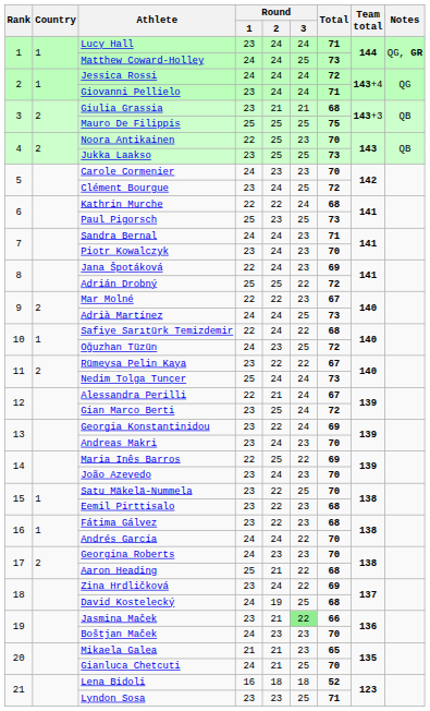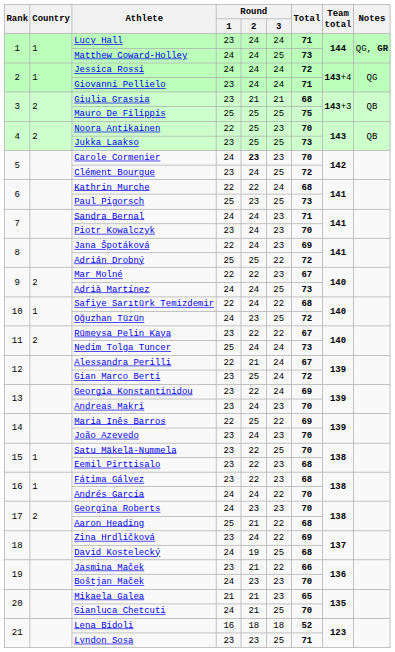 <table class="wikitable sortable" style="text-align:center">
 <tr>
 <th rowspan=2>Rank</th>
 <th rowspan=2>Country</th>
 <th rowspan=2>Athlete</th>
 <th colspan=3>Round</th>
 <th rowspan=2>Total</th>
 <th rowspan=2>Team<br>total</th>
 <th rowspan=2 class="unsortable">Notes</th>
 </tr>
 <tr>
 <th width=30px>1</th>
 <th width=30px>2</th>
 <th width=30px>3</th>
 </tr>
 <tr bgcolor=bbffbb>
 <td rowspan=2>1</td>
 <td rowspan=2 align=left> 1</td>
 <td align=left><a href='#'>Lucy Hall</a></td>
 <td>23</td>
 <td>24</td>
 <td>24</td>
 <td><strong>71</strong></td>
 <td rowspan=2><strong>144</strong></td>
 <td rowspan=2>QG, <strong>GR</strong></td>
 </tr>
 <tr bgcolor=bbffbb>
 <td align=left><a href='#'>Matthew Coward-Holley</a></td>
 <td>24</td>
 <td>24</td>
 <td>25</td>
 <td><strong>73</strong></td>
 </tr>
 <tr bgcolor=bbffbb>
 <td rowspan=2>2</td>
 <td rowspan=2 align=left> 1</td>
 <td align=left><a href='#'>Jessica Rossi</a></td>
 <td>24</td>
 <td>24</td>
 <td>24</td>
 <td><strong>72</strong></td>
 <td rowspan=2><strong>143</strong>+4</td>
 <td rowspan=2>QG</td>
 </tr>
 <tr bgcolor=bbffbb>
 <td align=left><a href='#'>Giovanni Pellielo</a></td>
 <td>23</td>
 <td>24</td>
 <td>24</td>
 <td><strong>71</strong></td>
 </tr>
 <tr bgcolor=ccffcc>
 <td rowspan=2>3</td>
 <td rowspan=2 align=left> 2</td>
 <td align=left><a href='#'>Giulia Grassia</a></td>
 <td>23</td>
 <td>21</td>
 <td>21</td>
 <td><strong>68</strong></td>
 <td rowspan=2><strong>143</strong>+3</td>
 <td rowspan=2>QB</td>
 </tr>
 <tr bgcolor=ccffcc>
 <td align=left><a href='#'>Mauro De Filippis</a></td>
 <td>25</td>
 <td>25</td>
 <td>25</td>
 <td><strong>75</strong></td>
 </tr>
 <tr bgcolor=ccffcc>
 <td rowspan=2>4</td>
 <td rowspan=2 align=left> 2</td>
 <td align=left><a href='#'>Noora Antikainen</a></td>
 <td>22</td>
 <td>25</td>
 <td>23</td>
 <td><strong>70</strong></td>
 <td rowspan=2><strong>143</strong></td>
 <td rowspan=2>QB</td>
 </tr>
 <tr bgcolor=ccffcc>
 <td align=left><a href='#'>Jukka Laakso</a></td>
 <td>23</td>
 <td>25</td>
 <td>25</td>
 <td><strong>73</strong></td>
 </tr>
 <tr>
 <td rowspan=2>5</td>
 <td rowspan=2 align=left></td>
 <td align=left><a href='#'>Carole Cormenier</a></td>
 <td>24</td>
-<td>23</td>
+<td><strong>23</strong></td>
 <td>23</td>
 <td><strong>70</strong></td>
 <td rowspan=2><strong>142</strong></td>
 <td rowspan=2></td>
 </tr>
 <tr>
 <td align=left><a href='#'>Clément Bourgue</a></td>
 <td>23</td>
 <td>24</td>
 <td>25</td>
 <td><strong>72</strong></td>
 </tr>
 <tr>
 <td rowspan=2>6</td>
 <td rowspan=2 align=left></td>
 <td align=left><a href='#'>Kathrin Murche</a></td>
 <td>22</td>
 <td>22</td>
 <td>24</td>
 <td><strong>68</strong></td>
 <td rowspan=2><strong>141</strong></td>
 <td rowspan=2></td>
 </tr>
 <tr>
 <td align=left><a href='#'>Paul Pigorsch</a></td>
 <td>25</td>
 <td>23</td>
 <td>25</td>
 <td><strong>73</strong></td>
 </tr>
 <tr>
 <td rowspan=2>7</td>
 <td rowspan=2 align=left></td>
 <td align=left><a href='#'>Sandra Bernal</a></td>
 <td>24</td>
 <td>24</td>
 <td>23</td>
 <td><strong>71</strong></td>
 <td rowspan=2><strong>141</strong></td>
 <td rowspan=2></td>
 </tr>
 <tr>
 <td align=left><a href='#'>Piotr Kowalczyk</a></td>
 <td>23</td>
 <td>24</td>
 <td>23</td>
 <td><strong>70</strong></td>
 </tr>
 <tr>
 <td rowspan=2>8</td>
 <td rowspan=2 align=left></td>
 <td align=left><a href='#'>Jana Špotáková</a></td>
 <td>22</td>
 <td>24</td>
 <td>23</td>
 <td><strong>69</strong></td>
 <td rowspan=2><strong>141</strong></td>
 <td rowspan=2></td>
 </tr>
 <tr>
 <td align=left><a href='#'>Adrián Drobný</a></td>
 <td>25</td>
 <td>25</td>
 <td>22</td>
 <td><strong>72</strong></td>
 </tr>
 <tr>
 <td rowspan=2>9</td>
 <td rowspan=2 align=left> 2</td>
 <td align=left><a href='#'>Mar Molné</a></td>
 <td>22</td>
 <td>22</td>
 <td>23</td>
 <td><strong>67</strong></td>
 <td rowspan=2><strong>140</strong></td>
 <td rowspan=2></td>
 </tr>
 <tr>
 <td align=left><a href='#'>Adrià Martínez</a></td>
 <td>24</td>
 <td>24</td>
 <td>25</td>
 <td><strong>73</strong></td>
 </tr>
 <tr>
 <td rowspan=2>10</td>
 <td rowspan=2 align=left> 1</td>
 <td align=left><a href='#'>Safiye Sarıtürk Temizdemir</a></td>
 <td>22</td>
 <td>24</td>
 <td>22</td>
 <td><strong>68</strong></td>
 <td rowspan=2><strong>140</strong></td>
 <td rowspan=2></td>
 </tr>
 <tr>
 <td align=left><a href='#'>Oğuzhan Tüzün</a></td>
 <td>24</td>
 <td>23</td>
 <td>25</td>
 <td><strong>72</strong></td>
 </tr>
 <tr>
 <td rowspan=2>11</td>
 <td rowspan=2 align=left> 2</td>
 <td align=left><a href='#'>Rümeysa Pelin Kaya</a></td>
 <td>23</td>
 <td>22</td>
 <td>22</td>
 <td><strong>67</strong></td>
 <td rowspan=2><strong>140</strong></td>
 <td rowspan=2></td>
 </tr>
 <tr>
 <td align=left><a href='#'>Nedim Tolga Tunçer</a></td>
 <td>25</td>
 <td>24</td>
 <td>24</td>
 <td><strong>73</strong></td>
 </tr>
 <tr>
 <td rowspan=2>12</td>
 <td rowspan=2 align=left></td>
 <td align=left><a href='#'>Alessandra Perilli</a></td>
 <td>22</td>
 <td>21</td>
 <td>24</td>
 <td><strong>67</strong></td>
 <td rowspan=2><strong>139</strong></td>
 <td rowspan=2></td>
 </tr>
 <tr>
 <td align=left><a href='#'>Gian Marco Berti</a></td>
 <td>23</td>
 <td>25</td>
 <td>24</td>
 <td><strong>72</strong></td>
 </tr>
 <tr>
 <td rowspan=2>13</td>
 <td rowspan=2 align=left></td>
 <td align=left><a href='#'>Georgia Konstantinidou</a></td>
 <td>23</td>
 <td>22</td>
 <td>24</td>
 <td><strong>69</strong></td>
 <td rowspan=2><strong>139</strong></td>
 <td rowspan=2></td>
 </tr>
 <tr>
 <td align=left><a href='#'>Andreas Makri</a></td>
 <td>23</td>
 <td>24</td>
 <td>23</td>
 <td><strong>70</strong></td>
 </tr>
 <tr>
 <td rowspan=2>14</td>
 <td rowspan=2 align=left></td>
 <td align=left><a href='#'>Maria Inês Barros</a></td>
 <td>22</td>
 <td>25</td>
 <td>22</td>
 <td><strong>69</strong></td>
 <td rowspan=2><strong>139</strong></td>
 <td rowspan=2></td>
 </tr>
 <tr>
 <td align=left><a href='#'>João Azevedo</a></td>
 <td>23</td>
 <td>24</td>
 <td>23</td>
 <td><strong>70</strong></td>
 </tr>
 <tr>
 <td rowspan=2>15</td>
 <td rowspan=2 align=left> 1</td>
 <td align=left><a href='#'>Satu Mäkelä-Nummela</a></td>
 <td>23</td>
 <td>22</td>
 <td>25</td>
 <td><strong>70</strong></td>
 <td rowspan=2><strong>138</strong></td>
 <td rowspan=2></td>
 </tr>
 <tr>
 <td align=left><a href='#'>Eemil Pirttisalo</a></td>
 <td>23</td>
 <td>22</td>
 <td>23</td>
 <td><strong>68</strong></td>
 </tr>
 <tr>
 <td rowspan=2>16</td>
 <td rowspan=2 align=left> 1</td>
 <td align=left><a href='#'>Fátima Gálvez</a></td>
 <td>23</td>
 <td>22</td>
 <td>23</td>
 <td><strong>68</strong></td>
 <td rowspan=2><strong>138</strong></td>
 <td rowspan=2></td>
 </tr>
 <tr>
 <td align=left><a href='#'>Andrés García</a></td>
 <td>24</td>
 <td>24</td>
 <td>22</td>
 <td><strong>70</strong></td>
 </tr>
 <tr>
 <td rowspan=2>17</td>
 <td rowspan=2 align=left> 2</td>
 <td align=left><a href='#'>Georgina Roberts</a></td>
 <td>24</td>
 <td>23</td>
 <td>23</td>
 <td><strong>70</strong></td>
 <td rowspan=2><strong>138</strong></td>
 <td rowspan=2></td>
 </tr>
 <tr>
 <td align=left><a href='#'>Aaron Heading</a></td>
 <td>25</td>
 <td>21</td>
 <td>22</td>
 <td><strong>68</strong></td>
 </tr>
 <tr>
 <td rowspan=2>18</td>
 <td rowspan=2 align=left></td>
 <td align=left><a href='#'>Zina Hrdličková</a></td>
 <td>23</td>
 <td>24</td>
 <td>22</td>
 <td><strong>69</strong></td>
 <td rowspan=2><strong>137</strong></td>
 <td rowspan=2></td>
 </tr>
 <tr>
 <td align=left><a href='#'>David Kostelecký</a></td>
 <td>24</td>
 <td>19</td>
 <td>25</td>
 <td><strong>68</strong></td>
 </tr>
 <tr>
 <td rowspan=2>19</td>
 <td rowspan=2 align=left></td>
 <td align=left><a href='#'>Jasmina Maček</a></td>
 <td>23</td>
 <td>21</td>
-<td style="background: lightgreen;">22</td>
+<td>22</td>
 <td><strong>66</strong></td>
 <td rowspan=2><strong>136</strong></td>
 <td rowspan=2></td>
 </tr>
 <tr>
 <td align=left><a href='#'>Boštjan Maček</a></td>
 <td>24</td>
 <td>23</td>
 <td>23</td>
 <td><strong>70</strong></td>
 </tr>
 <tr>
 <td rowspan=2>20</td>
 <td rowspan=2 align=left></td>
 <td align=left><a href='#'>Mikaela Galea</a></td>
 <td>21</td>
 <td>21</td>
 <td>23</td>
 <td><strong>65</strong></td>
 <td rowspan=2><strong>135</strong></td>
 <td rowspan=2></td>
 </tr>
 <tr>
 <td align=left><a href='#'>Gianluca Chetcuti</a></td>
 <td>24</td>
 <td>21</td>
 <td>25</td>
 <td><strong>70</strong></td>
 </tr>
 <tr>
 <td rowspan=2>21</td>
 <td rowspan=2 align=left></td>
 <td align=left><a href='#'>Lena Bidoli</a></td>
 <td>16</td>
 <td>18</td>
 <td>18</td>
 <td><strong>52</strong></td>
 <td rowspan=2><strong>123</strong></td>
 <td rowspan=2></td>
 </tr>
 <tr>
 <td align=left><a href='#'>Lyndon Sosa</a></td>
 <td>23</td>
 <td>23</td>
 <td>25</td>
 <td><strong>71</strong></td>
 </tr>
 </table>
